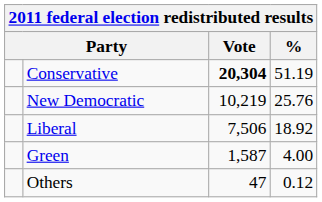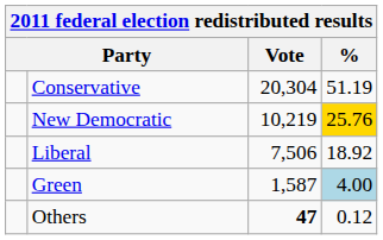 <table class="wikitable">
 <tr>
 <th colspan="4"><a href='#'>2011 federal election</a> redistributed results</th>
 </tr>
 <tr>
 <th bgcolor="#DDDDFF" width="130px" colspan="2">Party</th>
 <th bgcolor="#DDDDFF" width="50px">Vote</th>
 <th bgcolor="#DDDDFF" width="30px">%</th>
 </tr>
 <tr>
 <td> </td>
 <td><a href='#'>Conservative</a></td>
-<td align=right><strong>20,304</strong></td>
+<td align=right>20,304</td>
 <td align=right>51.19</td>
 </tr>
 <tr>
 <td> </td>
 <td><a href='#'>New Democratic</a></td>
 <td align=right>10,219</td>
-<td align=right>25.76</td>
+<td align=right style="background: gold;">25.76</td>
 </tr>
 <tr>
 <td> </td>
 <td><a href='#'>Liberal</a></td>
 <td align=right>7,506</td>
 <td align=right>18.92</td>
 </tr>
 <tr>
 <td> </td>
 <td><a href='#'>Green</a></td>
 <td align=right>1,587</td>
-<td align=right>4.00</td>
+<td align=right style="background: lightblue;">4.00</td>
 </tr>
 <tr>
 <td> </td>
 <td>Others</td>
-<td align=right>47</td>
+<td align=right><strong>47</strong></td>
 <td align=right>0.12</td>
 </tr>
 </table>
